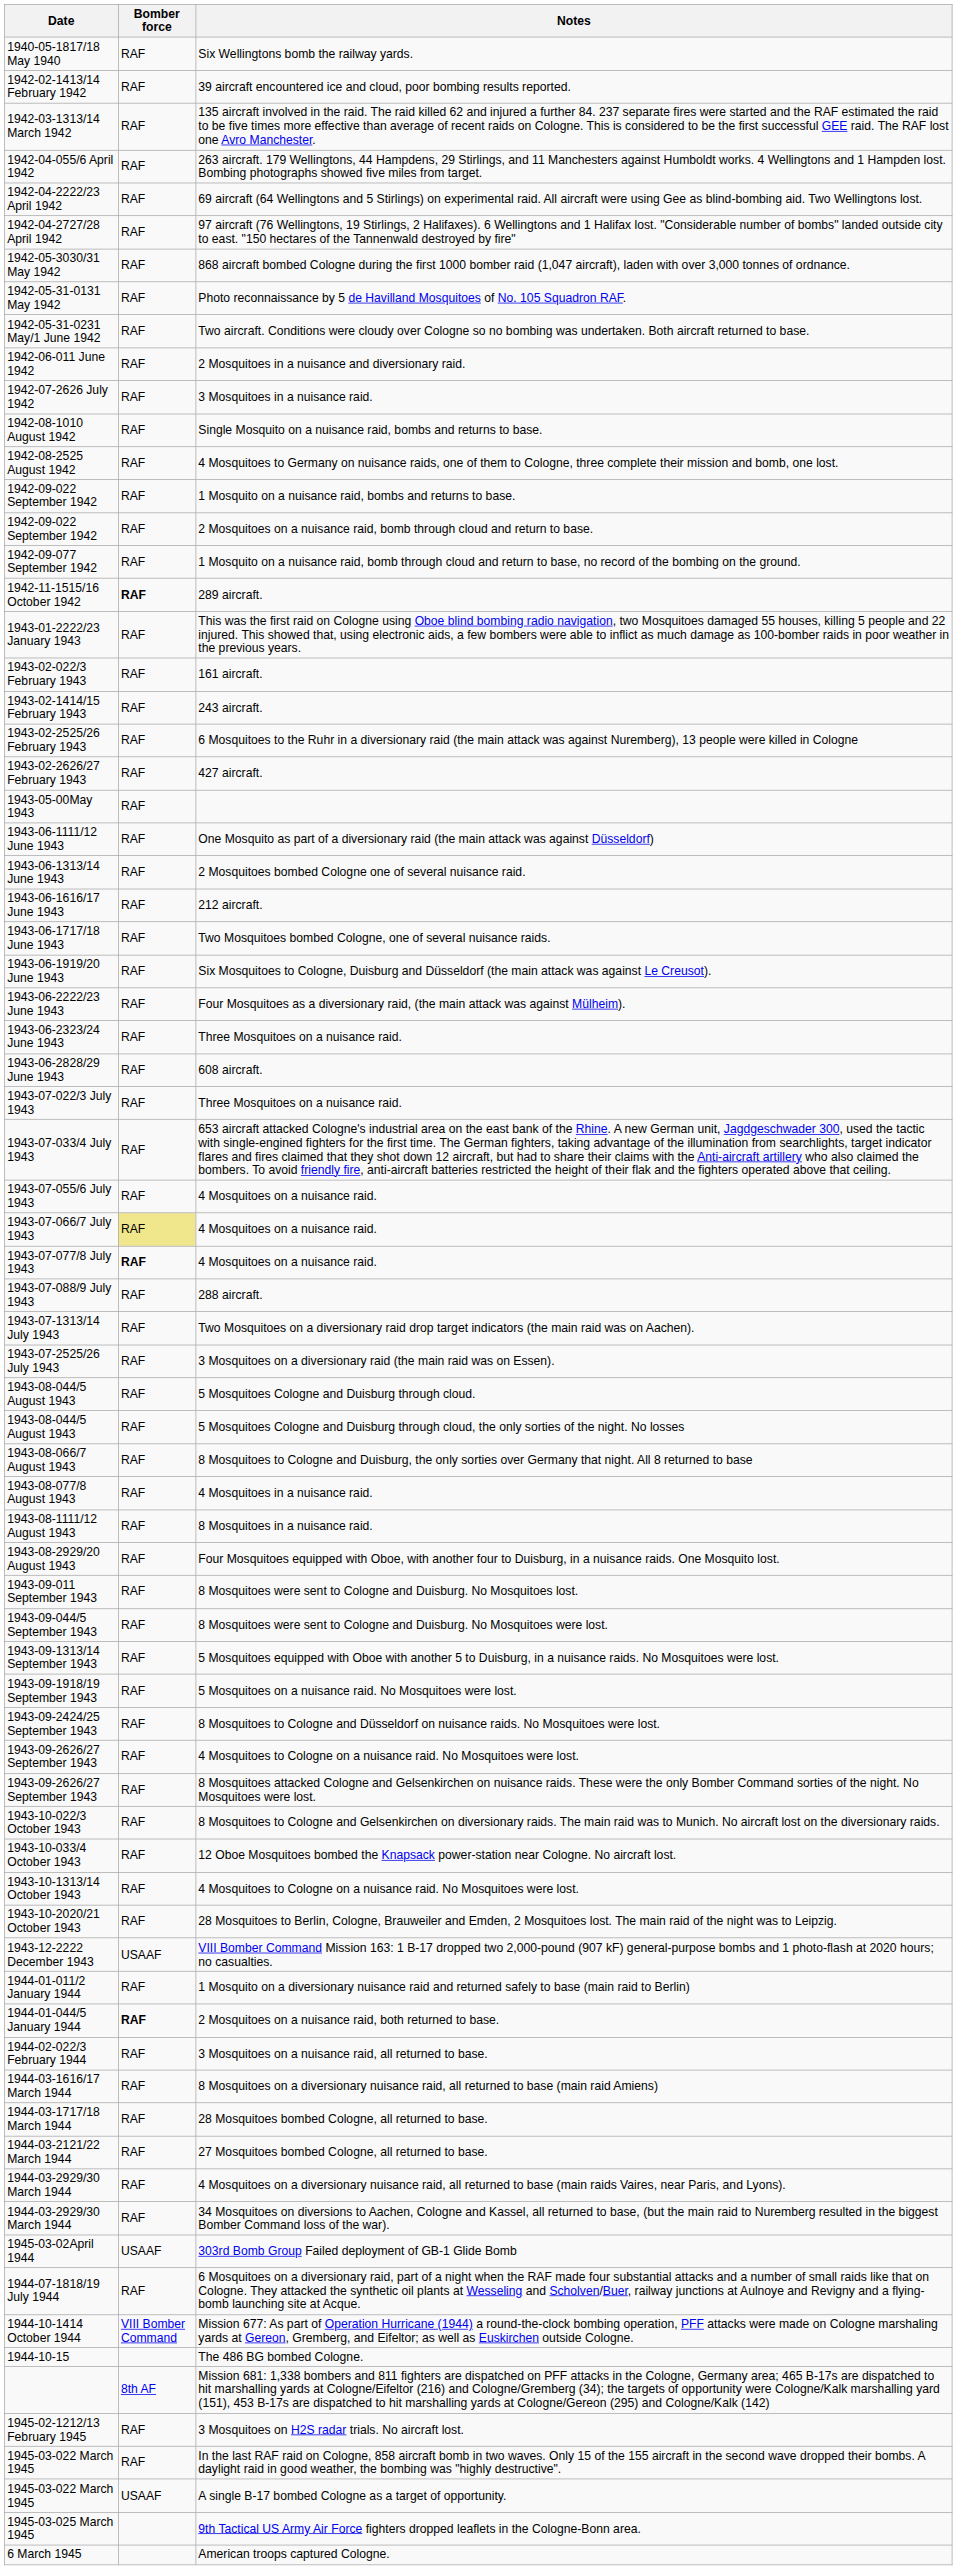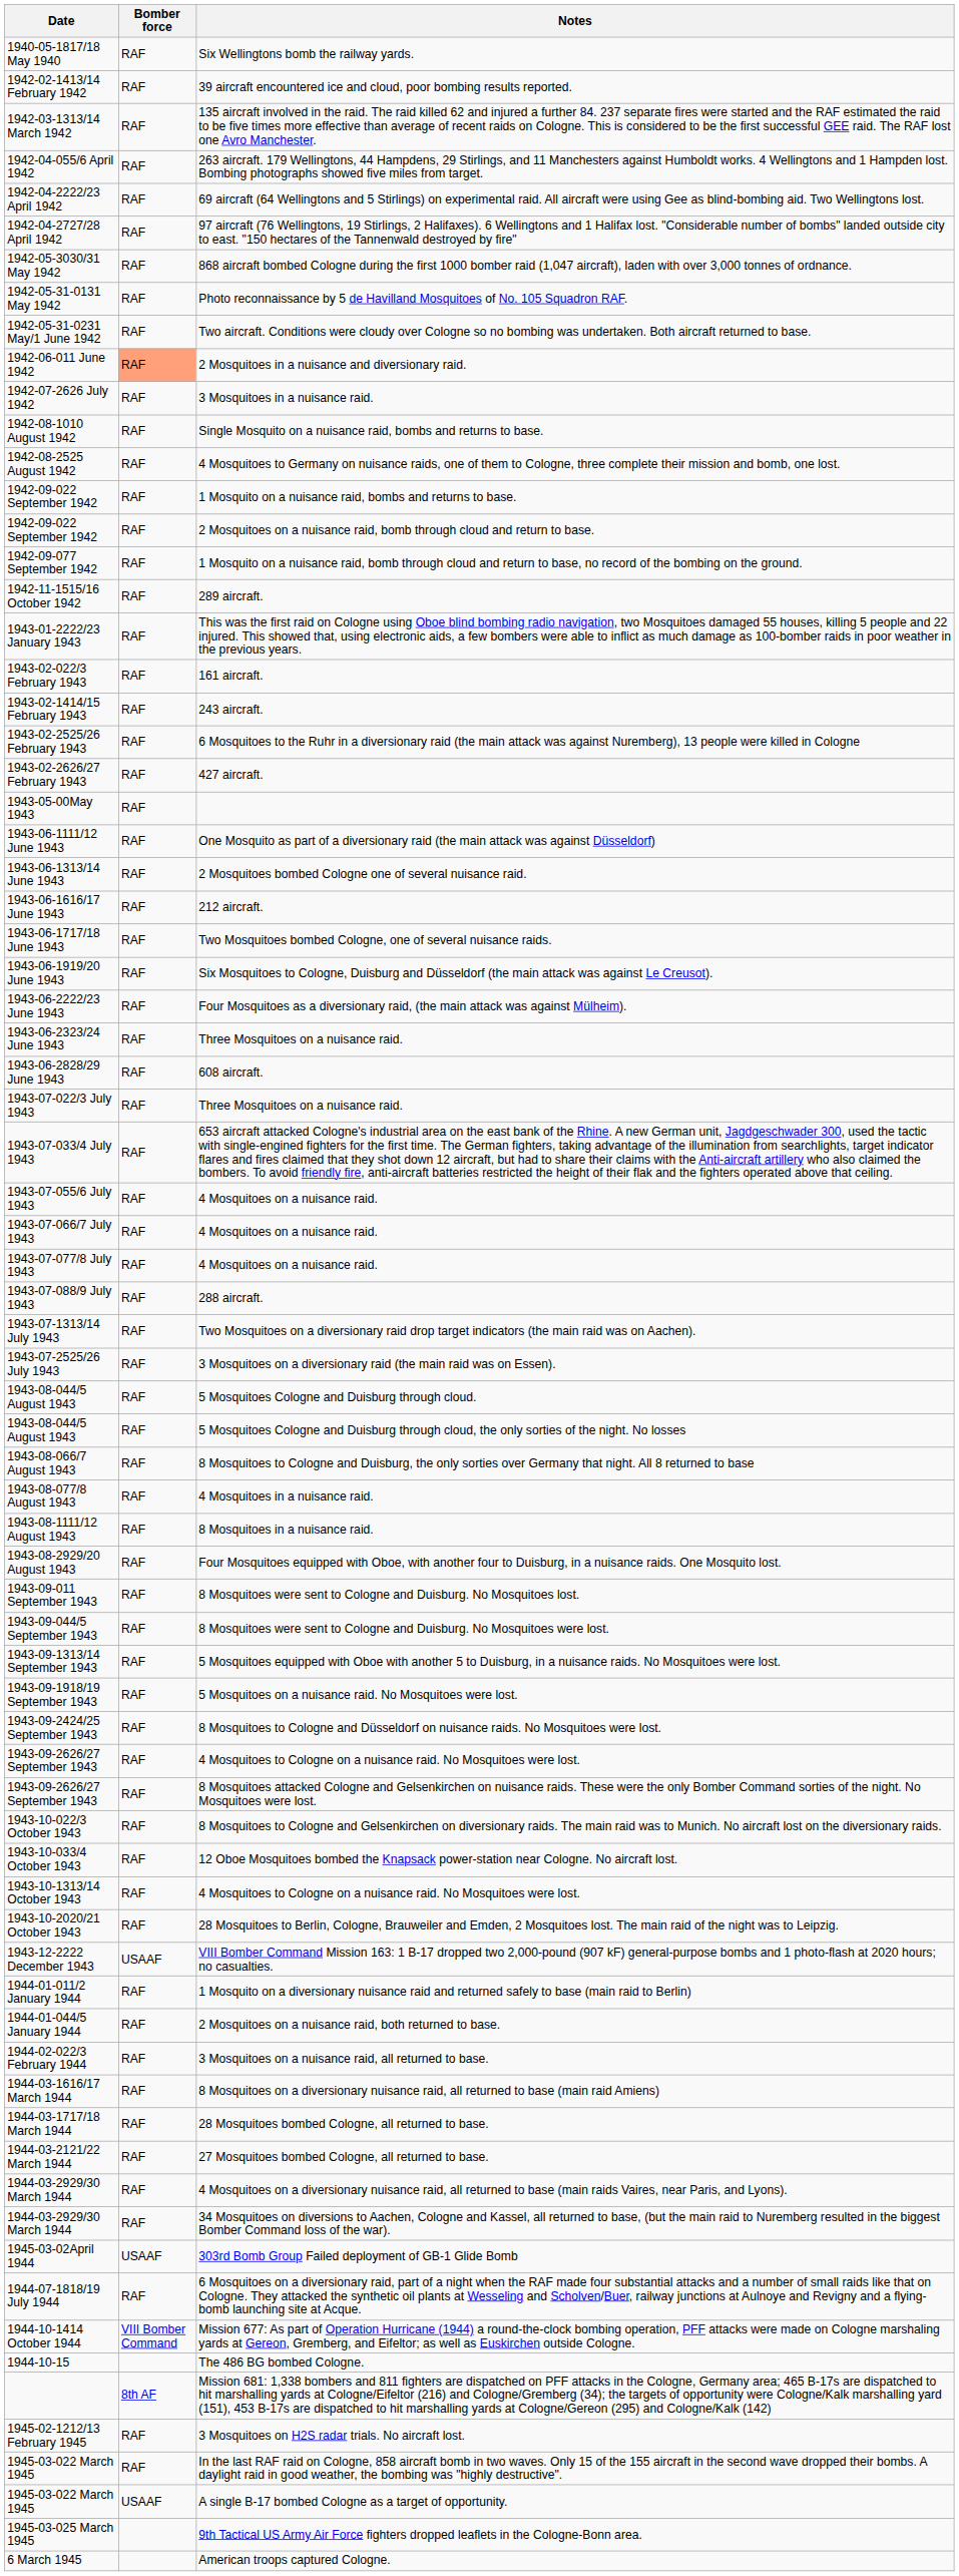 <table class="wikitable sortable">
 <tr>
 <th width=12%>Date</th>
 <th>Bomber<br>force</th>
 <th class="unsortable">Notes</th>
 </tr>
 <tr>
 <td><span>1940-05-18</span>17/18 May 1940</td>
 <td>RAF</td>
 <td>Six Wellingtons bomb the railway yards.</td>
 </tr>
 <tr>
 <td><span>1942-02-14</span>13/14 February 1942</td>
 <td>RAF</td>
 <td>39 aircraft encountered ice and cloud, poor bombing results reported.</td>
 </tr>
 <tr>
 <td><span>1942-03-13</span>13/14 March 1942</td>
 <td>RAF</td>
 <td>135 aircraft involved in the raid.  The raid killed 62 and injured a further 84. 237 separate fires were started and the RAF estimated the raid to be five times more effective than average of recent raids on Cologne. This is considered to be the first successful <a href='#'>GEE</a> raid. The RAF lost one <a href='#'>Avro Manchester</a>.</td>
 </tr>
 <tr>
 <td><span>1942-04-05</span>5/6 April 1942</td>
 <td>RAF</td>
 <td>263 aircraft. 179 Wellingtons, 44 Hampdens, 29 Stirlings, and 11 Manchesters against Humboldt works. 4 Wellingtons and 1 Hampden lost. Bombing photographs showed five miles from target.</td>
 </tr>
 <tr>
 <td><span>1942-04-22</span>22/23 April 1942</td>
 <td>RAF</td>
 <td>69 aircraft (64 Wellingtons and 5 Stirlings) on experimental raid. All aircraft were using Gee as blind-bombing aid. Two Wellingtons lost.</td>
 </tr>
 <tr>
 <td><span>1942-04-27</span>27/28 April 1942</td>
 <td>RAF</td>
 <td>97 aircraft (76 Wellingtons, 19 Stirlings, 2 Halifaxes). 6 Wellingtons and 1 Halifax lost. "Considerable number of bombs" landed outside city to east. "150 hectares of the Tannenwald destroyed by fire"</td>
 </tr>
 <tr>
 <td><span>1942-05-30</span>30/31 May 1942</td>
 <td>RAF</td>
 <td>868 aircraft bombed Cologne during the first 1000 bomber raid (1,047 aircraft), laden with over 3,000 tonnes of ordnance.</td>
 </tr>
 <tr>
 <td><span>1942-05-31-01</span>31 May 1942</td>
 <td>RAF</td>
 <td>Photo reconnaissance by 5 <a href='#'>de Havilland Mosquitoes</a> of <a href='#'>No. 105 Squadron RAF</a>.</td>
 </tr>
 <tr>
 <td><span>1942-05-31-02</span>31 May/1 June 1942</td>
 <td>RAF</td>
 <td>Two aircraft. Conditions were cloudy over Cologne so no bombing was undertaken. Both aircraft returned to base.</td>
 </tr>
 <tr>
 <td><span>1942-06-01</span>1 June 1942</td>
-<td>RAF</td>
+<td style="background: lightsalmon;">RAF</td>
 <td>2 Mosquitoes in a nuisance and diversionary raid.</td>
 </tr>
 <tr>
 <td><span>1942-07-26</span>26 July 1942</td>
 <td>RAF</td>
 <td>3 Mosquitoes in a nuisance raid.</td>
 </tr>
 <tr>
 <td><span>1942-08-10</span>10 August 1942</td>
 <td>RAF</td>
 <td>Single Mosquito on a nuisance raid, bombs and returns to base.</td>
 </tr>
 <tr>
 <td><span>1942-08-25</span>25 August 1942</td>
 <td>RAF</td>
 <td>4 Mosquitoes to Germany on nuisance raids, one of them to Cologne, three complete their mission and bomb, one lost.</td>
 </tr>
 <tr>
 <td><span>1942-09-02</span>2 September 1942</td>
 <td>RAF</td>
 <td>1 Mosquito on a nuisance raid, bombs and returns to base.</td>
 </tr>
 <tr>
 <td><span>1942-09-02</span>2 September 1942</td>
 <td>RAF</td>
 <td>2 Mosquitoes on a nuisance raid, bomb through cloud and return to base.</td>
 </tr>
 <tr>
 <td><span>1942-09-07</span>7 September 1942</td>
 <td>RAF</td>
 <td>1 Mosquito on a nuisance raid, bomb through cloud and return to base, no record of the bombing on the ground.</td>
 </tr>
 <tr>
 <td><span>1942-11-15</span>15/16 October 1942</td>
-<td><strong>RAF</strong></td>
+<td>RAF</td>
 <td>289 aircraft.</td>
 </tr>
 <tr>
 <td><span>1943-01-22</span>22/23 January 1943</td>
 <td>RAF</td>
 <td>This was the first raid on Cologne using <a href='#'>Oboe blind bombing radio navigation</a>, two Mosquitoes damaged 55 houses, killing 5 people and 22 injured. This showed that, using electronic aids, a few bombers were able to inflict as much damage as 100-bomber raids in poor weather in the previous years.</td>
 </tr>
 <tr>
 <td><span>1943-02-02</span>2/3 February 1943</td>
 <td>RAF</td>
 <td>161 aircraft.</td>
 </tr>
 <tr>
 <td><span>1943-02-14</span>14/15 February 1943</td>
 <td>RAF</td>
 <td>243 aircraft.</td>
 </tr>
 <tr>
 <td><span>1943-02-25</span>25/26 February 1943</td>
 <td>RAF</td>
 <td>6 Mosquitoes to the Ruhr in a diversionary raid (the main attack was against Nuremberg), 13 people were killed in Cologne</td>
 </tr>
 <tr>
 <td><span>1943-02-26</span>26/27 February 1943</td>
 <td>RAF</td>
 <td>427 aircraft.</td>
 </tr>
 <tr>
 <td><span>1943-05-00</span>May 1943</td>
 <td>RAF</td>
 <td></td>
 </tr>
 <tr>
 <td><span>1943-06-11</span>11/12 June 1943</td>
 <td>RAF</td>
 <td>One Mosquito as part of a diversionary raid (the main attack was against <a href='#'>Düsseldorf</a>)</td>
 </tr>
 <tr>
 <td><span>1943-06-13</span>13/14 June 1943</td>
 <td>RAF</td>
 <td>2 Mosquitoes bombed Cologne one of several nuisance raid.</td>
 </tr>
 <tr>
 <td><span>1943-06-16</span>16/17 June 1943</td>
 <td>RAF</td>
 <td>212 aircraft.</td>
 </tr>
 <tr>
 <td><span>1943-06-17</span>17/18 June 1943</td>
 <td>RAF</td>
 <td>Two Mosquitoes bombed Cologne, one of several nuisance raids.</td>
 </tr>
 <tr>
 <td><span>1943-06-19</span>19/20 June 1943</td>
 <td>RAF</td>
 <td>Six Mosquitoes to Cologne, Duisburg and Düsseldorf (the main attack was against <a href='#'>Le Creusot</a>).</td>
 </tr>
 <tr>
 <td><span>1943-06-22</span>22/23 June 1943</td>
 <td>RAF</td>
 <td>Four Mosquitoes as a diversionary raid, (the main attack was against <a href='#'>Mülheim</a>).</td>
 </tr>
 <tr>
 <td><span>1943-06-23</span>23/24 June 1943</td>
 <td>RAF</td>
 <td>Three Mosquitoes on a nuisance raid.</td>
 </tr>
 <tr>
 <td><span>1943-06-28</span>28/29 June 1943</td>
 <td>RAF</td>
 <td>608 aircraft.</td>
 </tr>
 <tr>
 <td><span>1943-07-02</span>2/3 July 1943</td>
 <td>RAF</td>
 <td>Three Mosquitoes on a nuisance raid.</td>
 </tr>
 <tr>
 <td><span>1943-07-03</span>3/4 July 1943</td>
 <td>RAF</td>
 <td>653 aircraft attacked Cologne's industrial area on the east bank of the <a href='#'>Rhine</a>. A new German unit, <a href='#'>Jagdgeschwader 300</a>, used the  tactic with single-engined fighters for the first time. The German fighters, taking advantage of the illumination from searchlights, target indicator flares and fires claimed that they shot down 12 aircraft, but had to share their claims with the <a href='#'>Anti-aircraft artillery</a> who also claimed the bombers. To avoid <a href='#'>friendly fire</a>, anti-aircraft batteries restricted the height of their flak and the fighters operated above that ceiling.</td>
 </tr>
 <tr>
 <td><span>1943-07-05</span>5/6 July 1943</td>
 <td>RAF</td>
 <td>4 Mosquitoes on a nuisance raid.</td>
 </tr>
 <tr>
 <td><span>1943-07-06</span>6/7 July 1943</td>
-<td style="background: khaki;">RAF</td>
+<td>RAF</td>
 <td>4 Mosquitoes on a nuisance raid.</td>
 </tr>
 <tr>
 <td><span>1943-07-07</span>7/8 July 1943</td>
-<td><strong>RAF</strong></td>
+<td>RAF</td>
 <td>4 Mosquitoes on a nuisance raid.</td>
 </tr>
 <tr>
 <td><span>1943-07-08</span>8/9 July 1943</td>
 <td>RAF</td>
 <td>288 aircraft.</td>
 </tr>
 <tr>
 <td><span>1943-07-13</span>13/14 July 1943</td>
 <td>RAF</td>
 <td>Two Mosquitoes on a diversionary raid drop target indicators (the main raid was on Aachen).</td>
 </tr>
 <tr>
 <td><span>1943-07-25</span>25/26 July 1943</td>
 <td>RAF</td>
 <td>3 Mosquitoes on a diversionary raid (the main raid was on Essen).</td>
 </tr>
 <tr>
 <td><span>1943-08-04</span>4/5 August 1943</td>
 <td>RAF</td>
 <td>5 Mosquitoes Cologne and Duisburg through cloud.</td>
 </tr>
 <tr>
 <td><span>1943-08-04</span>4/5 August 1943</td>
 <td>RAF</td>
 <td>5 Mosquitoes Cologne and Duisburg through cloud, the only sorties of the night. No losses</td>
 </tr>
 <tr>
 <td><span>1943-08-06</span>6/7 August 1943</td>
 <td>RAF</td>
 <td>8 Mosquitoes to Cologne and Duisburg, the only sorties over Germany that night. All 8 returned to base</td>
 </tr>
 <tr>
 <td><span>1943-08-07</span>7/8 August 1943</td>
 <td>RAF</td>
 <td>4 Mosquitoes in a nuisance raid.</td>
 </tr>
 <tr>
 <td><span>1943-08-11</span>11/12 August 1943</td>
 <td>RAF</td>
 <td>8 Mosquitoes in a nuisance raid.</td>
 </tr>
 <tr>
 <td><span>1943-08-29</span>29/20 August 1943</td>
 <td>RAF</td>
 <td>Four Mosquitoes equipped with Oboe, with another four to Duisburg, in a nuisance raids. One Mosquito lost.</td>
 </tr>
 <tr>
 <td><span>1943-09-01</span>1 September 1943</td>
 <td>RAF</td>
 <td>8 Mosquitoes were sent to Cologne and Duisburg. No Mosquitoes lost.</td>
 </tr>
 <tr>
 <td><span>1943-09-04</span>4/5 September 1943</td>
 <td>RAF</td>
 <td>8 Mosquitoes were sent to Cologne and Duisburg. No Mosquitoes were lost.</td>
 </tr>
 <tr>
 <td><span>1943-09-13</span>13/14 September 1943</td>
 <td>RAF</td>
 <td>5 Mosquitoes equipped with Oboe with another 5 to Duisburg, in a nuisance raids. No Mosquitoes were lost.</td>
 </tr>
 <tr>
 <td><span>1943-09-19</span>18/19 September 1943</td>
 <td>RAF</td>
 <td>5 Mosquitoes on a nuisance raid. No Mosquitoes were lost.</td>
 </tr>
 <tr>
 <td><span>1943-09-24</span>24/25 September 1943</td>
 <td>RAF</td>
 <td>8 Mosquitoes to Cologne and Düsseldorf on nuisance raids. No Mosquitoes were lost.</td>
 </tr>
 <tr>
 <td><span>1943-09-26</span>26/27 September 1943</td>
 <td>RAF</td>
 <td>4 Mosquitoes to Cologne on a nuisance raid. No Mosquitoes were lost.</td>
 </tr>
 <tr>
 <td><span>1943-09-26</span>26/27 September 1943</td>
 <td>RAF</td>
 <td>8 Mosquitoes attacked Cologne and Gelsenkirchen on nuisance raids. These were the only Bomber Command sorties of the night. No Mosquitoes were lost.</td>
 </tr>
 <tr>
 <td><span>1943-10-02</span>2/3 October 1943</td>
 <td>RAF</td>
 <td>8 Mosquitoes to Cologne and Gelsenkirchen on diversionary raids. The main raid was to Munich. No aircraft lost on the diversionary raids.</td>
 </tr>
 <tr>
 <td><span>1943-10-03</span>3/4 October 1943</td>
 <td>RAF</td>
 <td>12 Oboe Mosquitoes bombed the <a href='#'>Knapsack</a> power-station near Cologne. No aircraft lost.</td>
 </tr>
 <tr>
 <td><span>1943-10-13</span>13/14 October 1943</td>
 <td>RAF</td>
 <td>4 Mosquitoes to Cologne on a nuisance raid. No Mosquitoes were lost.</td>
 </tr>
 <tr>
 <td><span>1943-10-20</span>20/21 October 1943</td>
 <td>RAF</td>
 <td>28 Mosquitoes to Berlin, Cologne, Brauweiler and Emden, 2 Mosquitoes lost. The main raid of the night was to Leipzig.</td>
 </tr>
 <tr>
 <td><span>1943-12-22</span>22 December 1943</td>
 <td>USAAF</td>
 <td><a href='#'>VIII Bomber Command</a> Mission 163: 1 B-17 dropped two 2,000-pound (907 kF) general-purpose bombs and 1 photo-flash at 2020 hours; no casualties.</td>
 </tr>
 <tr>
 <td><span>1944-01-01</span>1/2 January 1944</td>
 <td>RAF</td>
 <td>1 Mosquito on a diversionary nuisance raid and returned safely to base (main raid to Berlin)</td>
 </tr>
 <tr>
 <td><span>1944-01-04</span>4/5 January 1944</td>
-<td><strong>RAF</strong></td>
+<td>RAF</td>
 <td>2 Mosquitoes on a nuisance raid, both returned to base.</td>
 </tr>
 <tr>
 <td><span>1944-02-02</span>2/3 February 1944</td>
 <td>RAF</td>
 <td>3 Mosquitoes on a nuisance raid, all returned to base.</td>
 </tr>
 <tr>
 <td><span>1944-03-16</span>16/17 March 1944</td>
 <td>RAF</td>
 <td>8 Mosquitoes on a diversionary nuisance raid, all returned to base (main raid Amiens)</td>
 </tr>
 <tr>
 <td><span>1944-03-17</span>17/18 March 1944</td>
 <td>RAF</td>
 <td>28 Mosquitoes bombed Cologne, all returned to base.</td>
 </tr>
 <tr>
 <td><span>1944-03-21</span>21/22 March 1944</td>
 <td>RAF</td>
 <td>27 Mosquitoes bombed Cologne, all returned to base.</td>
 </tr>
 <tr>
 <td><span>1944-03-29</span>29/30 March 1944</td>
 <td>RAF</td>
 <td>4 Mosquitoes on a diversionary nuisance raid, all returned to base (main raids Vaires, near Paris, and Lyons).</td>
 </tr>
 <tr>
 <td><span>1944-03-29</span>29/30 March 1944</td>
 <td>RAF</td>
 <td>34 Mosquitoes on diversions to Aachen, Cologne and Kassel, all returned to base, (but the main raid to Nuremberg resulted in the biggest Bomber Command loss of the war).</td>
 </tr>
 <tr>
 <td><span>1945-03-02</span>April 1944</td>
 <td>USAAF</td>
 <td><a href='#'>303rd Bomb Group</a> Failed deployment of GB-1 Glide Bomb</td>
 </tr>
 <tr>
 <td><span>1944-07-18</span>18/19 July 1944</td>
 <td>RAF</td>
 <td>6 Mosquitoes on a diversionary raid, part of a night when the RAF made four substantial attacks and a number of small raids like that on Cologne. They attacked the synthetic oil plants at <a href='#'>Wesseling</a> and <a href='#'>Scholven</a>/<a href='#'>Buer</a>, railway junctions at Aulnoye and Revigny and a flying-bomb launching site at Acque.</td>
 </tr>
 <tr>
 <td><span>1944-10-14</span>14 October 1944</td>
 <td><a href='#'>VIII Bomber Command</a></td>
 <td>Mission 677:  As part of <a href='#'>Operation Hurricane (1944)</a> a round-the-clock bombing operation, <a href='#'>PFF</a> attacks were made on Cologne marshaling yards at <a href='#'>Gereon</a>, Gremberg, and Eifeltor; as well as <a href='#'>Euskirchen</a>  outside Cologne.</td>
 </tr>
 <tr>
 <td>1944-10-15</td>
 <td></td>
 <td>The 486 BG bombed Cologne.</td>
 </tr>
 <tr>
 <td></td>
 <td><a href='#'>8th AF</a></td>
 <td>Mission 681: 1,338 bombers and 811 fighters are dispatched on PFF attacks in the Cologne, Germany area; 465 B-17s are dispatched to hit marshalling yards at Cologne/Eifeltor (216) and Cologne/Gremberg (34); the targets of opportunity were Cologne/Kalk marshalling yard (151), 453 B-17s are dispatched to hit marshalling yards at Cologne/Gereon (295) and Cologne/Kalk (142)</td>
 </tr>
 <tr>
 <td><span>1945-02-12</span>12/13 February 1945</td>
 <td>RAF</td>
 <td>3 Mosquitoes on <a href='#'>H2S radar</a> trials. No aircraft lost.</td>
 </tr>
 <tr>
 <td><span>1945-03-02</span>2 March 1945</td>
 <td>RAF</td>
 <td>In the last RAF raid on Cologne, 858 aircraft bomb in two waves. Only 15 of the 155 aircraft in the second wave dropped their bombs. A daylight raid in good weather, the bombing was "highly destructive".</td>
 </tr>
 <tr>
 <td><span>1945-03-02</span>2 March 1945</td>
 <td>USAAF</td>
 <td>A single B-17 bombed Cologne as a target of opportunity.</td>
 </tr>
 <tr>
 <td><span>1945-03-02</span>5 March 1945</td>
 <td></td>
 <td><a href='#'>9th Tactical US Army Air Force</a> fighters dropped leaflets in the Cologne-Bonn area.</td>
 </tr>
 <tr>
 <td>6 March 1945</td>
 <td></td>
 <td>American troops captured Cologne.</td>
 </tr>
 </table>
